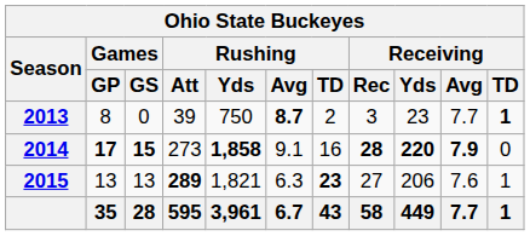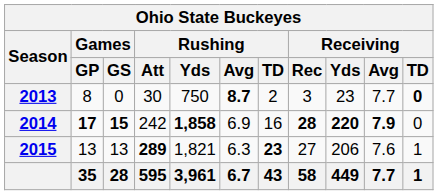 <table class="wikitable" style="text-align:center;">
 <tr>
 <th colspan="15">Ohio State Buckeyes</th>
 </tr>
 <tr>
 <th rowspan="2">Season</th>
 <th colspan="2">Games</th>
 <th colspan="4">Rushing</th>
 <th colspan="4">Receiving</th>
 </tr>
 <tr>
 <th>GP</th>
 <th>GS</th>
 <th>Att</th>
 <th>Yds</th>
 <th>Avg</th>
 <th>TD</th>
 <th>Rec</th>
 <th>Yds</th>
 <th>Avg</th>
 <th>TD</th>
 </tr>
 <tr>
 <th><a href='#'>2013</a></th>
 <td>8</td>
 <td>0</td>
-<td>39</td>
+<td>30</td>
 <td>750</td>
 <td><strong>8.7</strong></td>
 <td>2</td>
 <td>3</td>
 <td>23</td>
 <td>7.7</td>
-<td><strong>1</strong></td>
+<td><strong>0</strong></td>
 </tr>
 <tr>
 <th><a href='#'>2014</a></th>
 <td><strong>17</strong></td>
 <td><strong>15</strong></td>
-<td>273</td>
+<td>242</td>
 <td><strong>1,858</strong></td>
-<td>9.1</td>
+<td>6.9</td>
 <td>16</td>
 <td><strong>28</strong></td>
 <td><strong>220</strong></td>
 <td><strong>7.9</strong></td>
 <td>0</td>
 </tr>
 <tr>
 <th><a href='#'>2015</a></th>
 <td>13</td>
 <td>13</td>
 <td><strong>289</strong></td>
 <td>1,821</td>
 <td>6.3</td>
 <td><strong>23</strong></td>
 <td>27</td>
 <td>206</td>
 <td>7.6</td>
 <td>1</td>
 </tr>
 <tr>
 <th></th>
 <th>35</th>
 <th>28</th>
 <th>595</th>
 <th>3,961</th>
 <th>6.7</th>
 <th>43</th>
 <th>58</th>
 <th>449</th>
 <th>7.7</th>
 <th>1</th>
 </tr>
 </table>
